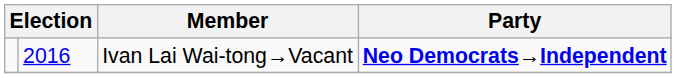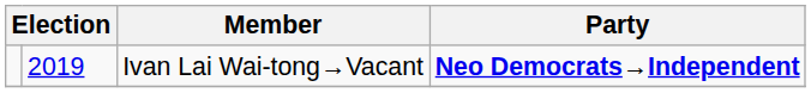 <table class="wikitable">
 <tr>
 <th colspan="2">Election</th>
 <th>Member</th>
 <th>Party</th>
 </tr>
 <tr>
 <td style="color:inherit;background:"></td>
-<td><a href='#'>2016</a></td>
+<td><a href='#'>2019</a></td>
 <td>Ivan Lai Wai-tong→Vacant</td>
 <td><strong><a href='#'>Neo Democrats</a>→<a href='#'>Independent</a></strong></td>
 </tr>
 <tr>
 </tr>
 </table>
